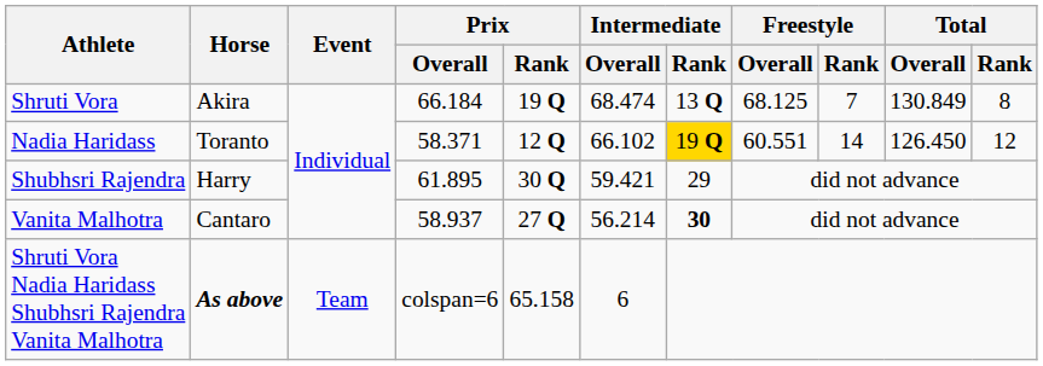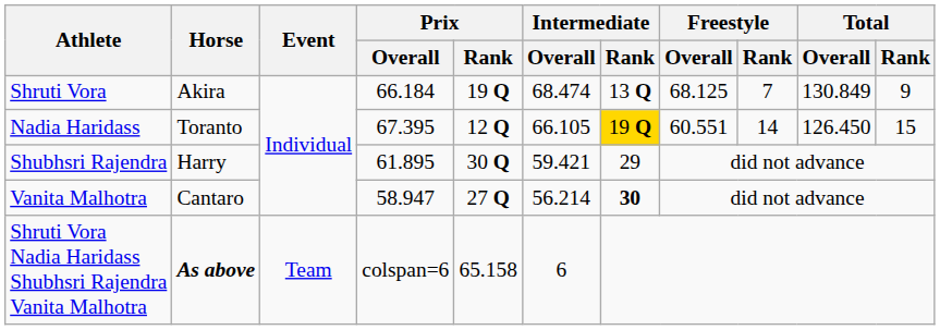 <table class="wikitable" style="text-align:center; font-size:90%">
 <tr>
 <th rowspan=2>Athlete</th>
 <th rowspan=2>Horse</th>
 <th rowspan=2>Event</th>
 <th colspan=2>Prix</th>
 <th colspan=2>Intermediate</th>
 <th colspan=2>Freestyle</th>
 <th colspan=2>Total</th>
 </tr>
 <tr>
 <th>Overall</th>
 <th>Rank</th>
 <th>Overall</th>
 <th>Rank</th>
 <th>Overall</th>
 <th>Rank</th>
 <th>Overall</th>
 <th>Rank</th>
 </tr>
 <tr>
 <td align=left><a href='#'>Shruti Vora</a></td>
 <td align=left>Akira</td>
 <td align=left rowspan=4><a href='#'>Individual</a></td>
 <td>66.184</td>
 <td>19 <strong>Q</strong></td>
 <td>68.474</td>
 <td>13 <strong>Q</strong></td>
 <td>68.125</td>
 <td>7</td>
 <td>130.849</td>
-<td>8</td>
+<td>9</td>
 </tr>
 <tr>
 <td align=left><a href='#'>Nadia Haridass</a></td>
 <td align=left>Toranto</td>
-<td>58.371</td>
+<td>67.395</td>
 <td>12 <strong>Q</strong></td>
-<td>66.102</td>
+<td>66.105</td>
 <td style="background: gold;">19 <strong>Q</strong></td>
 <td>60.551</td>
 <td>14</td>
 <td>126.450</td>
-<td>12</td>
+<td>15</td>
 </tr>
 <tr>
 <td align=left><a href='#'>Shubhsri Rajendra</a></td>
 <td align=left>Harry</td>
 <td>61.895</td>
 <td>30 <strong>Q</strong></td>
 <td>59.421</td>
 <td>29</td>
 <td colspan=4>did not advance</td>
 </tr>
 <tr>
 <td align=left><a href='#'>Vanita Malhotra</a></td>
 <td align=left>Cantaro</td>
-<td>58.937</td>
+<td>58.947</td>
 <td>27 <strong>Q</strong></td>
 <td>56.214</td>
 <td><strong>30</strong></td>
 <td colspan=4>did not advance</td>
 </tr>
 <tr>
 <td align=left><a href='#'>Shruti Vora</a><br><a href='#'>Nadia Haridass</a><br><a href='#'>Shubhsri Rajendra</a><br><a href='#'>Vanita Malhotra</a></td>
 <td align=left><strong><em>As above</em></strong></td>
 <td><a href='#'>Team</a></td>
 <td>colspan=6 </td>
 <td>65.158</td>
 <td>6</td>
 </tr>
 </table>
